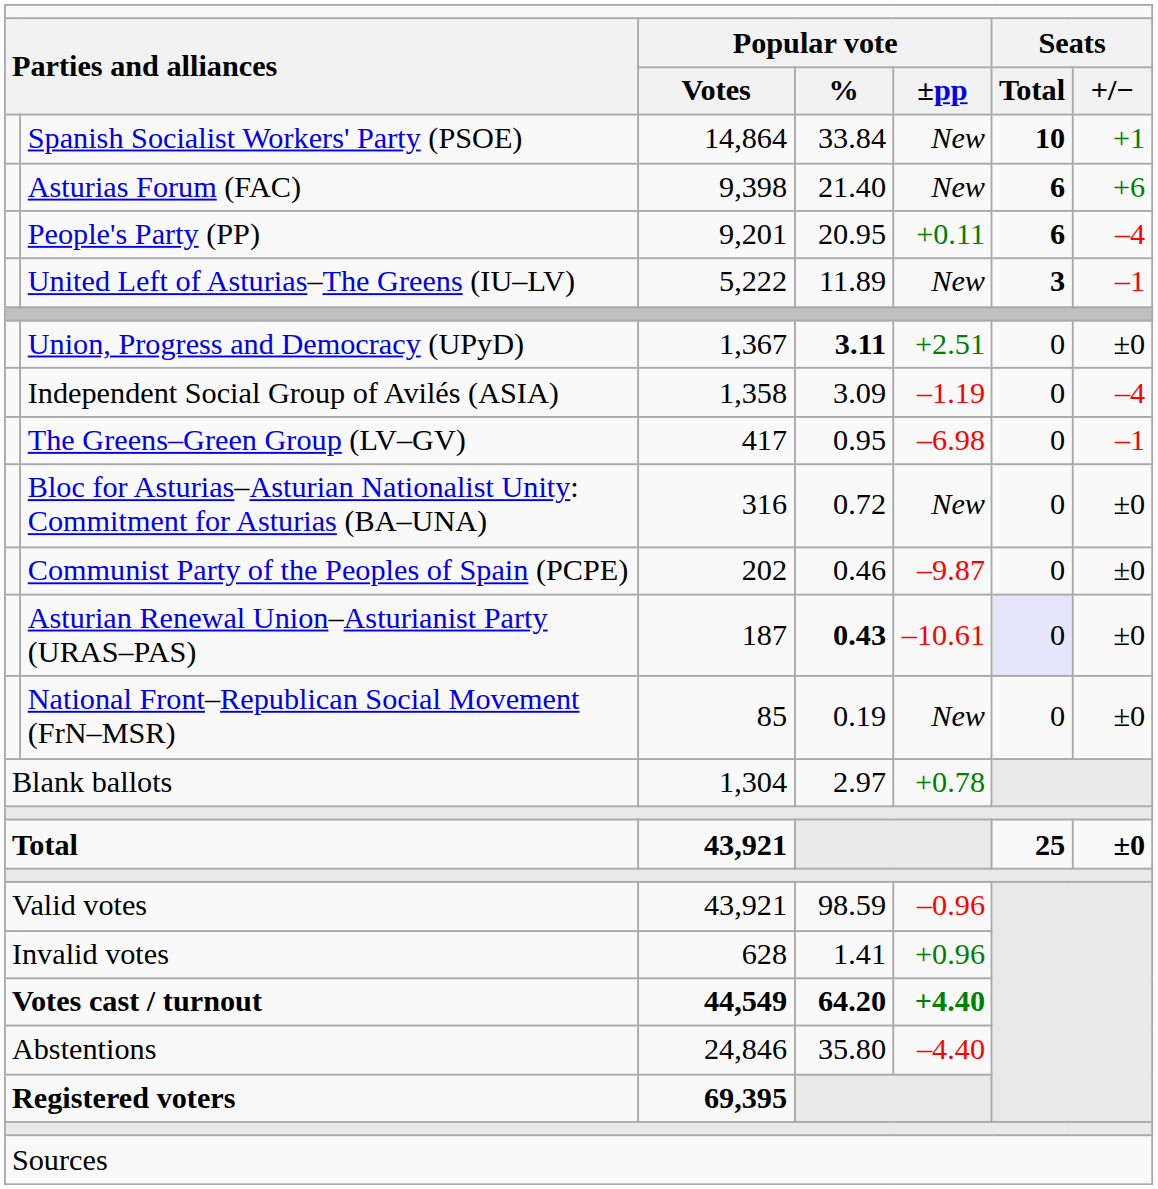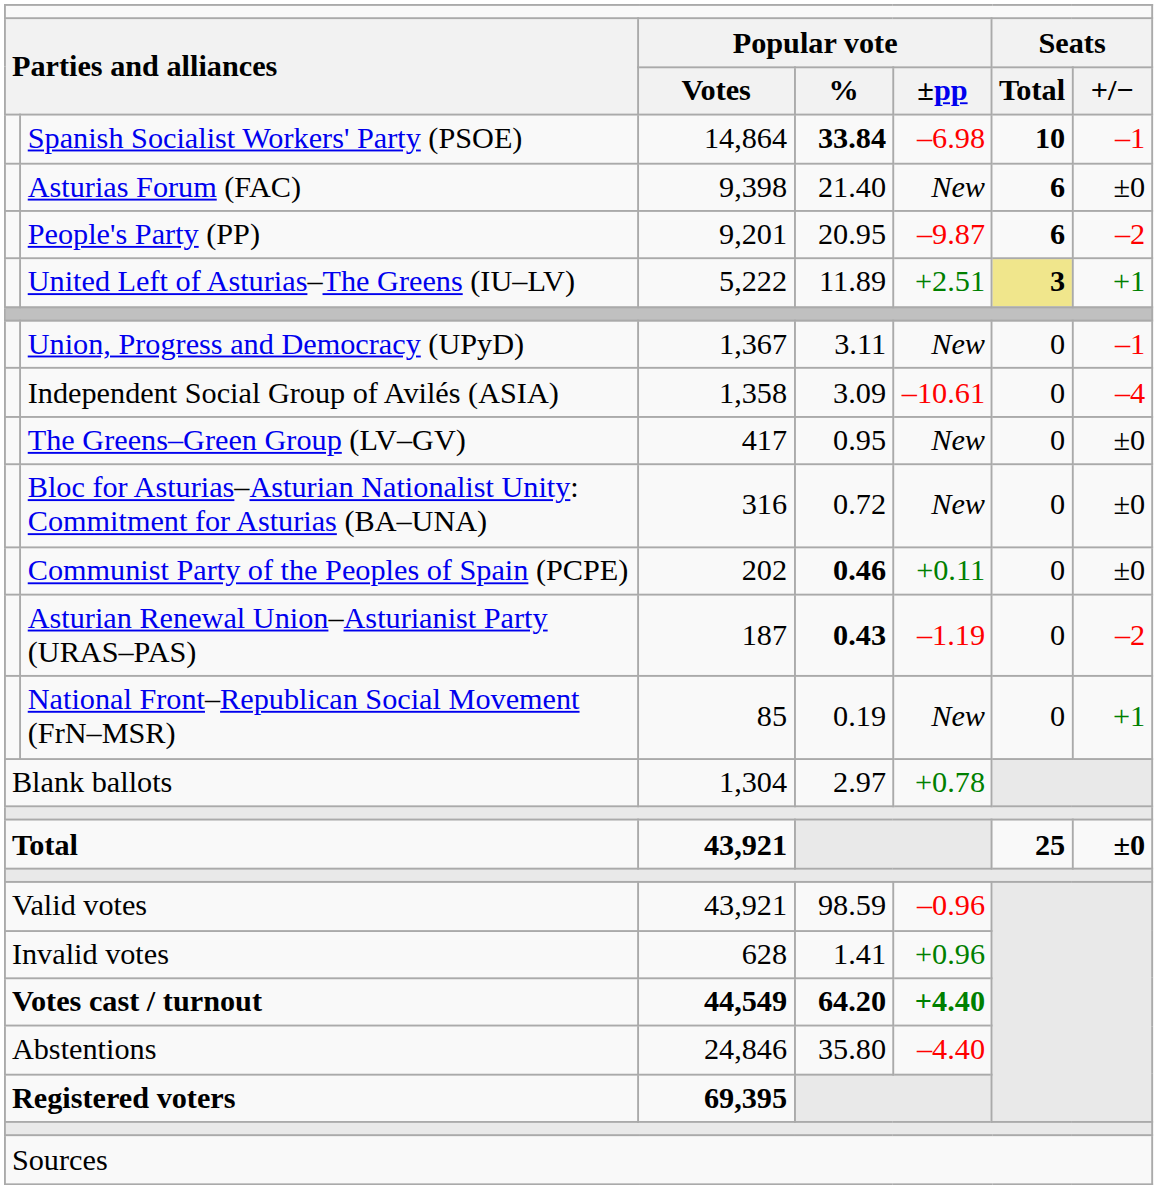 <table class="wikitable" style="text-align:right;">
 <tr>
 <td colspan="7"></td>
 </tr>
 <tr>
 <th style="text-align:left;" rowspan="2" colspan="2" width="525">Parties and alliances</th>
 <th colspan="3">Popular vote</th>
 <th colspan="2">Seats</th>
 </tr>
 <tr>
 <th width="75">Votes</th>
 <th width="45">%</th>
 <th width="45">±<a href='#'>pp</a></th>
 <th width="35">Total</th>
 <th width="35">+/−</th>
 </tr>
 <tr>
 <td width="1" style="color:inherit;background:"></td>
 <td align="left"><a href='#'>Spanish Socialist Workers' Party</a> (PSOE)</td>
 <td>14,864</td>
-<td>33.84</td>
-<td><em>New</em></td>
+<td><strong>33.84</strong></td>
+<td style="color:red;">–6.98</td>
 <td><strong>10</strong></td>
-<td style="color:green;">+1</td>
+<td style="color:red;">–1</td>
 </tr>
 <tr>
 <td style="color:inherit;background:"></td>
 <td align="left"><a href='#'>Asturias Forum</a> (FAC)</td>
 <td>9,398</td>
 <td>21.40</td>
 <td><em>New</em></td>
 <td><strong>6</strong></td>
-<td style="color:green;">+6</td>
+<td>±0</td>
 </tr>
 <tr>
 <td style="color:inherit;background:"></td>
 <td align="left"><a href='#'>People's Party</a> (PP)</td>
 <td>9,201</td>
 <td>20.95</td>
-<td style="color:green;">+0.11</td>
+<td style="color:red;">–9.87</td>
 <td><strong>6</strong></td>
-<td style="color:red;">–4</td>
+<td style="color:red;">–2</td>
 </tr>
 <tr>
 <td style="color:inherit;background:"></td>
 <td align="left"><a href='#'>United Left of Asturias</a>–<a href='#'>The Greens</a> (IU–LV)</td>
 <td>5,222</td>
 <td>11.89</td>
-<td><em>New</em></td>
-<td><strong>3</strong></td>
-<td style="color:red;">–1</td>
+<td style="color:green;">+2.51</td>
+<td style="background: khaki;"><strong>3</strong></td>
+<td style="color:green;">+1</td>
 </tr>
 <tr>
 <td colspan="7" bgcolor="#C0C0C0"></td>
 </tr>
 <tr>
 <td style="color:inherit;background:"></td>
 <td align="left"><a href='#'>Union, Progress and Democracy</a> (UPyD)</td>
 <td>1,367</td>
-<td><strong>3.11</strong></td>
-<td style="color:green;">+2.51</td>
+<td>3.11</td>
+<td><em>New</em></td>
 <td>0</td>
-<td>±0</td>
+<td style="color:red;">–1</td>
 </tr>
 <tr>
 <td style="color:inherit;background:"></td>
 <td align="left">Independent Social Group of Avilés (ASIA)</td>
 <td>1,358</td>
 <td>3.09</td>
-<td style="color:red;">–1.19</td>
+<td style="color:red;">–10.61</td>
 <td>0</td>
 <td style="color:red;">–4</td>
 </tr>
 <tr>
 <td style="color:inherit;background:"></td>
 <td align="left"><a href='#'>The Greens–Green Group</a> (LV–GV)</td>
 <td>417</td>
 <td>0.95</td>
-<td style="color:red;">–6.98</td>
+<td><em>New</em></td>
 <td>0</td>
-<td style="color:red;">–1</td>
+<td>±0</td>
 </tr>
 <tr>
 <td style="color:inherit;background:"></td>
 <td align="left"><a href='#'>Bloc for Asturias</a>–<a href='#'>Asturian Nationalist Unity</a>: <a href='#'>Commitment for Asturias</a> (BA–UNA)</td>
 <td>316</td>
 <td>0.72</td>
 <td><em>New</em></td>
 <td>0</td>
 <td>±0</td>
 </tr>
 <tr>
 <td style="color:inherit;background:"></td>
 <td align="left"><a href='#'>Communist Party of the Peoples of Spain</a> (PCPE)</td>
 <td>202</td>
-<td>0.46</td>
-<td style="color:red;">–9.87</td>
+<td><strong>0.46</strong></td>
+<td style="color:green;">+0.11</td>
 <td>0</td>
 <td>±0</td>
 </tr>
 <tr>
 <td style="color:inherit;background:"></td>
 <td align="left"><a href='#'>Asturian Renewal Union</a>–<a href='#'>Asturianist Party</a> (URAS–PAS)</td>
 <td>187</td>
 <td><strong>0.43</strong></td>
-<td style="color:red;">–10.61</td>
-<td style="background: lavender;">0</td>
-<td>±0</td>
+<td style="color:red;">–1.19</td>
+<td>0</td>
+<td style="color:red;">–2</td>
 </tr>
 <tr>
 <td style="color:inherit;background:"></td>
 <td align="left"><a href='#'>National Front</a>–<a href='#'>Republican Social Movement</a> (FrN–MSR)</td>
 <td>85</td>
 <td>0.19</td>
 <td><em>New</em></td>
 <td>0</td>
-<td>±0</td>
+<td style="color:green;">+1</td>
 </tr>
 <tr>
 <td align="left" colspan="2">Blank ballots</td>
 <td>1,304</td>
 <td>2.97</td>
 <td style="color:green;">+0.78</td>
 <td bgcolor="#E9E9E9" colspan="2"></td>
 </tr>
 <tr>
 <td colspan="7" bgcolor="#E9E9E9"></td>
 </tr>
 <tr style="font-weight:bold;">
 <td align="left" colspan="2">Total</td>
 <td>43,921</td>
 <td bgcolor="#E9E9E9" colspan="2"></td>
 <td>25</td>
 <td>±0</td>
 </tr>
 <tr>
 <td colspan="7" bgcolor="#E9E9E9"></td>
 </tr>
 <tr>
 <td align="left" colspan="2">Valid votes</td>
 <td>43,921</td>
 <td>98.59</td>
 <td style="color:red;">–0.96</td>
 <td bgcolor="#E9E9E9" colspan="2" rowspan="5"></td>
 </tr>
 <tr>
 <td align="left" colspan="2">Invalid votes</td>
 <td>628</td>
 <td>1.41</td>
 <td style="color:green;">+0.96</td>
 </tr>
 <tr style="font-weight:bold;">
 <td align="left" colspan="2">Votes cast / turnout</td>
 <td>44,549</td>
 <td>64.20</td>
 <td style="color:green;">+4.40</td>
 </tr>
 <tr>
 <td align="left" colspan="2">Abstentions</td>
 <td>24,846</td>
 <td>35.80</td>
 <td style="color:red;">–4.40</td>
 </tr>
 <tr style="font-weight:bold;">
 <td align="left" colspan="2">Registered voters</td>
 <td>69,395</td>
 <td bgcolor="#E9E9E9" colspan="2"></td>
 </tr>
 <tr>
 <td colspan="7" bgcolor="#E9E9E9"></td>
 </tr>
 <tr>
 <td align="left" colspan="7">Sources</td>
 </tr>
 </table>
